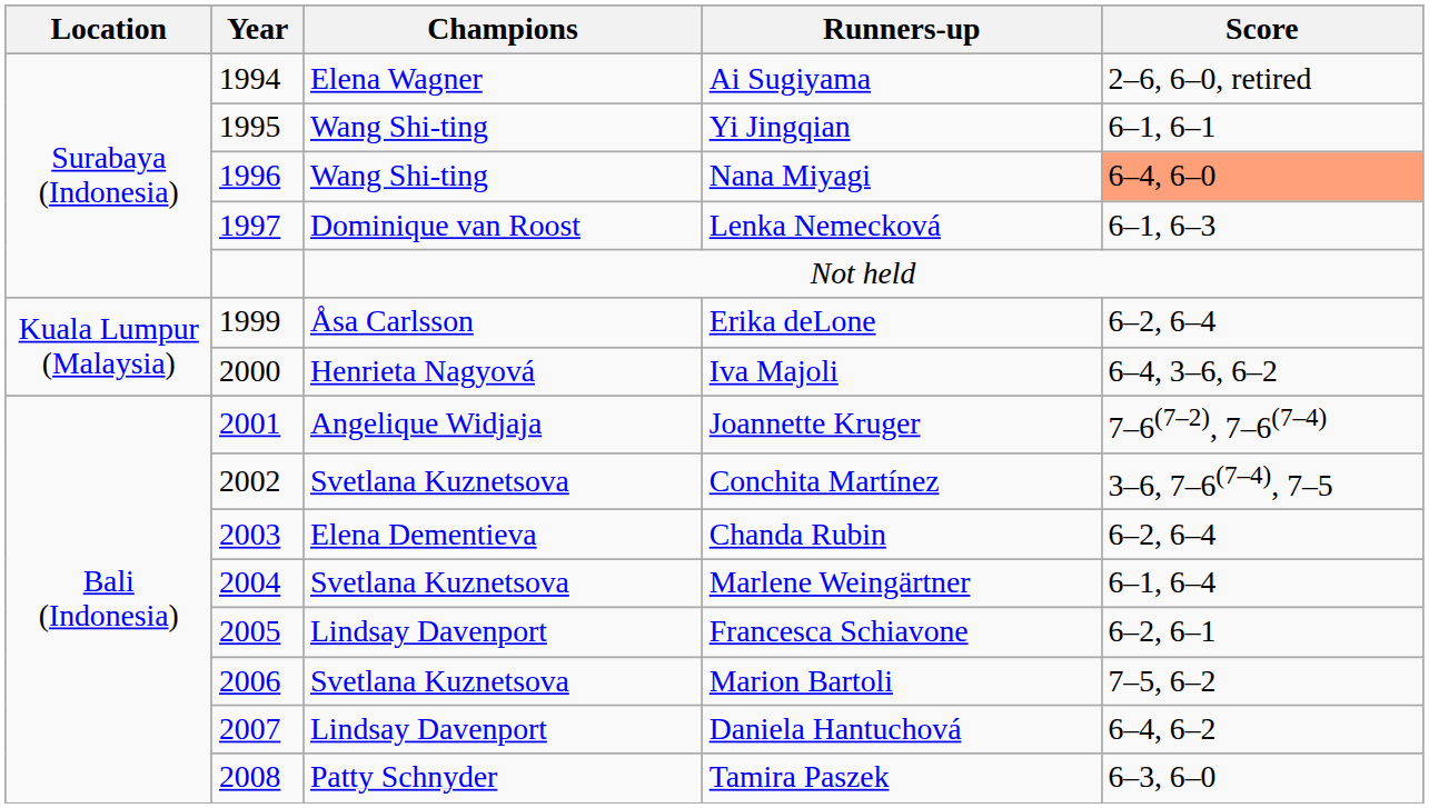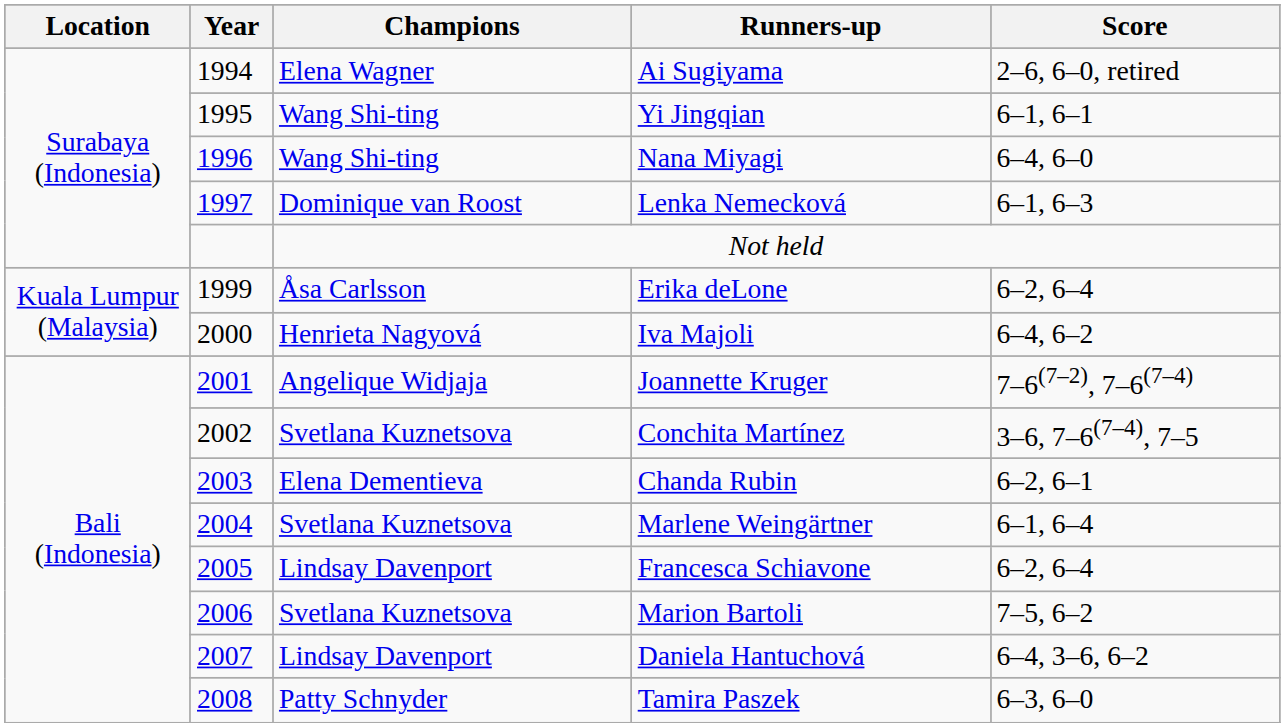 <table class="wikitable">
 <tr>
 <th style="width:100px">Location</th>
 <th style="width:40px">Year</th>
 <th style="width:200px">Champions</th>
 <th style="width:200px">Runners-up</th>
 <th style="width:160px" class="unsortable">Score</th>
 </tr>
 <tr>
 <td align=center rowspan=5><a href='#'>Surabaya</a><br>(<a href='#'>Indonesia</a>)</td>
 <td>1994</td>
 <td> <a href='#'>Elena Wagner</a></td>
 <td> <a href='#'>Ai Sugiyama</a></td>
 <td>2–6, 6–0, retired</td>
 </tr>
 <tr>
 <td>1995</td>
 <td> <a href='#'>Wang Shi-ting</a></td>
 <td> <a href='#'>Yi Jingqian</a></td>
 <td>6–1, 6–1 </td>
 </tr>
 <tr>
 <td><a href='#'>1996</a></td>
 <td> <a href='#'>Wang Shi-ting</a></td>
 <td> <a href='#'>Nana Miyagi</a></td>
-<td style="background: lightsalmon;">6–4, 6–0</td>
+<td>6–4, 6–0</td>
 </tr>
 <tr>
 <td><a href='#'>1997</a></td>
 <td> <a href='#'>Dominique van Roost</a></td>
 <td> <a href='#'>Lenka Nemecková</a></td>
 <td>6–1, 6–3</td>
 </tr>
 <tr>
 <td></td>
 <td colspan=4 align=center><em>Not held</em></td>
 </tr>
 <tr>
 <td align=center rowspan=2><a href='#'>Kuala Lumpur</a><br>(<a href='#'>Malaysia</a>)</td>
 <td>1999</td>
 <td> <a href='#'>Åsa Carlsson</a></td>
 <td> <a href='#'>Erika deLone</a></td>
 <td>6–2, 6–4</td>
 </tr>
 <tr>
 <td>2000</td>
 <td> <a href='#'>Henrieta Nagyová</a></td>
 <td> <a href='#'>Iva Majoli</a></td>
-<td>6–4, 3–6, 6–2</td>
+<td>6–4, 6–2</td>
 </tr>
 <tr>
 <td align=center rowspan=8><a href='#'>Bali</a><br>(<a href='#'>Indonesia</a>)</td>
 <td><a href='#'>2001</a></td>
 <td> <a href='#'>Angelique Widjaja</a></td>
 <td> <a href='#'>Joannette Kruger</a></td>
 <td>7–6<sup>(7–2)</sup>, 7–6<sup>(7–4)</sup></td>
 </tr>
 <tr>
 <td>2002</td>
 <td> <a href='#'>Svetlana Kuznetsova</a></td>
 <td> <a href='#'>Conchita Martínez</a></td>
 <td>3–6, 7–6<sup>(7–4)</sup>, 7–5</td>
 </tr>
 <tr>
 <td><a href='#'>2003</a></td>
 <td> <a href='#'>Elena Dementieva</a></td>
 <td> <a href='#'>Chanda Rubin</a></td>
-<td>6–2, 6–4</td>
+<td>6–2, 6–1</td>
 </tr>
 <tr>
 <td><a href='#'>2004</a></td>
 <td> <a href='#'>Svetlana Kuznetsova</a></td>
 <td> <a href='#'>Marlene Weingärtner</a></td>
 <td>6–1, 6–4</td>
 </tr>
 <tr>
 <td><a href='#'>2005</a></td>
 <td> <a href='#'>Lindsay Davenport</a></td>
 <td> <a href='#'>Francesca Schiavone</a></td>
-<td>6–2, 6–1</td>
+<td>6–2, 6–4</td>
 </tr>
 <tr>
 <td><a href='#'>2006</a></td>
 <td> <a href='#'>Svetlana Kuznetsova</a></td>
 <td> <a href='#'>Marion Bartoli</a></td>
 <td>7–5, 6–2</td>
 </tr>
 <tr>
 <td><a href='#'>2007</a></td>
 <td> <a href='#'>Lindsay Davenport</a></td>
 <td> <a href='#'>Daniela Hantuchová</a></td>
-<td>6–4, 6–2</td>
+<td>6–4, 3–6, 6–2</td>
 </tr>
 <tr>
 <td><a href='#'>2008</a></td>
 <td> <a href='#'>Patty Schnyder</a></td>
 <td> <a href='#'>Tamira Paszek</a></td>
 <td>6–3, 6–0</td>
 </tr>
 </table>
